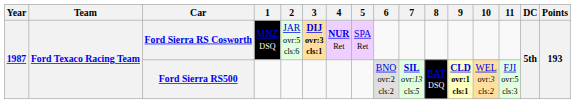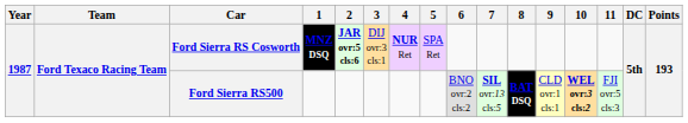 <table class="wikitable" style="text-align:center; font-size:85%">
 <tr>
 <th>Year</th>
 <th>Team</th>
 <th>Car</th>
 <th>1</th>
 <th>2</th>
 <th>3</th>
 <th>4</th>
 <th>5</th>
 <th>6</th>
 <th>7</th>
 <th>8</th>
 <th>9</th>
 <th>10</th>
 <th>11</th>
 <th>DC</th>
 <th>Points</th>
 </tr>
 <tr>
 <th rowspan=2><a href='#'>1987</a></th>
 <th rowspan=2 nowrap> <a href='#'>Ford Texaco Racing Team</a></th>
 <th nowrap><a href='#'>Ford Sierra RS Cosworth</a></th>
-<td style="background:#000000; color:white"><a href='#'>MNZ</a><br><small>DSQ</small></td>
-<td style="background:#dfffdf;"><a href='#'>JAR</a><br><small>ovr:5<br>cls:6</small></td>
-<td style="background:#ffdf9f;"><strong><a href='#'>DIJ</a><br><small>ovr:3<br>cls:1</small></strong></td>
+<td style="background:#000000; color:white"><strong><a href='#'>MNZ</a><br><small>DSQ</small></strong></td>
+<td style="background:#dfffdf;"><strong><a href='#'>JAR</a><br><small>ovr:5<br>cls:6</small></strong></td>
+<td style="background:#ffdf9f;"><a href='#'>DIJ</a><br><small>ovr:3<br>cls:1</small></td>
 <td style="background:#efcfff;"><strong><a href='#'>NUR</a></strong><br><small>Ret</small></td>
 <td style="background:#efcfff;"><a href='#'>SPA</a><br><small>Ret</small></td>
 <td></td>
 <td></td>
 <td></td>
 <td></td>
 <td></td>
 <td></td>
 <th rowspan=2>5th</th>
 <th rowspan=2>193</th>
 </tr>
 <tr>
 <th nowrap><a href='#'>Ford Sierra RS500</a></th>
 <td></td>
 <td></td>
 <td></td>
 <td></td>
 <td></td>
 <td style="background:#dfdfdf;"><a href='#'>BNO</a><br><small>ovr:2<br>cls:2</small></td>
 <td style="background:#dfffdf;"><strong><a href='#'>SIL</a></strong><br><small>ovr:<em>13</em><br>cls:<em>5</em></small></td>
-<td style="background:#000000; color:white"><a href='#'>BAT</a><br><small>DSQ</small></td>
-<td style="background:#ffffbf;"><strong><a href='#'>CLD</a><br><small>ovr:1<br>cls:1</small></strong></td>
-<td style="background:#ffdf9f;"><a href='#'>WEL</a><br><small>ovr:<em>3</em><br>cls:<em>2</em></small></td>
+<td style="background:#000000; color:white"><strong><a href='#'>BAT</a><br><small>DSQ</small></strong></td>
+<td style="background:#ffffbf;"><a href='#'>CLD</a><br><small>ovr:1<br>cls:1</small></td>
+<td style="background:#ffdf9f;"><strong><a href='#'>WEL</a><br><small>ovr:<em>3</em><br>cls:<em>2</em></small></strong></td>
 <td style="background:#dfffdf;"><a href='#'>FJI</a><br><small>ovr:5<br>cls:3</small></td>
 </tr>
 </table>
